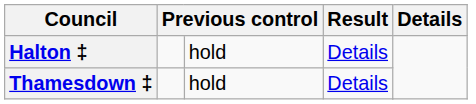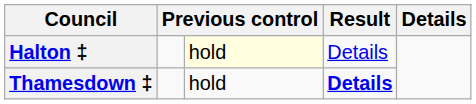 <table class="wikitable sortable" border="1">
 <tr>
 <th scope="col">Council</th>
 <th colspan=2>Previous control</th>
 <th colspan=2>Result</th>
 <th class="unsortable" scope="col">Details</th>
 </tr>
 <tr>
 <th scope="row" style="text-align: left;"><a href='#'>Halton</a> ‡</th>
 <td></td>
-<td> hold</td>
+<td style="background: lightyellow;"> hold</td>
 <td><a href='#'>Details</a></td>
 </tr>
 <tr>
 <th scope="row" style="text-align: left;"><a href='#'>Thamesdown</a> ‡</th>
 <td></td>
 <td> hold</td>
-<td><a href='#'>Details</a></td>
+<td><strong><a href='#'>Details</a></strong></td>
 </tr>
 </table>
